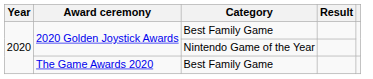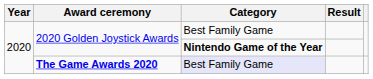 <table class="wikitable plainrowheaders sortable" width="auto">
 <tr>
 <th scope="col">Year</th>
 <th scope="col">Award ceremony</th>
 <th scope="col">Category</th>
 <th scope="col">Result</th>
 <th scope="col" class="unsortable"></th>
 </tr>
 <tr>
 <td rowspan="3" style="text-align:center;">2020</td>
 <td rowspan="2"><a href='#'>2020 Golden Joystick Awards</a></td>
 <td>Best Family Game</td>
 <td></td>
 <td rowspan="2" style="text-align:center;"></td>
 </tr>
 <tr>
-<td>Nintendo Game of the Year</td>
+<td><strong>Nintendo Game of the Year</strong></td>
 <td></td>
 </tr>
 <tr>
-<td><a href='#'>The Game Awards 2020</a></td>
-<td>Best Family Game</td>
+<td><strong><a href='#'>The Game Awards 2020</a></strong></td>
+<td style="background: lavender;">Best Family Game</td>
 <td></td>
 <td style="text-align:center;"></td>
 </tr>
 </table>
